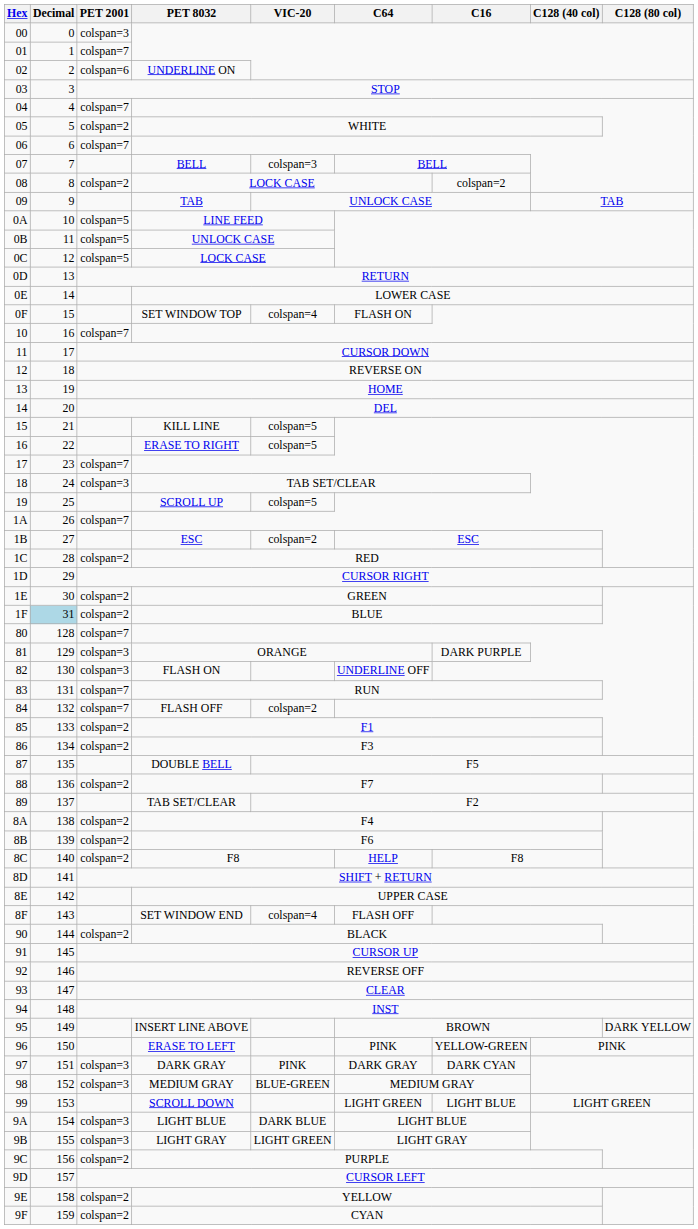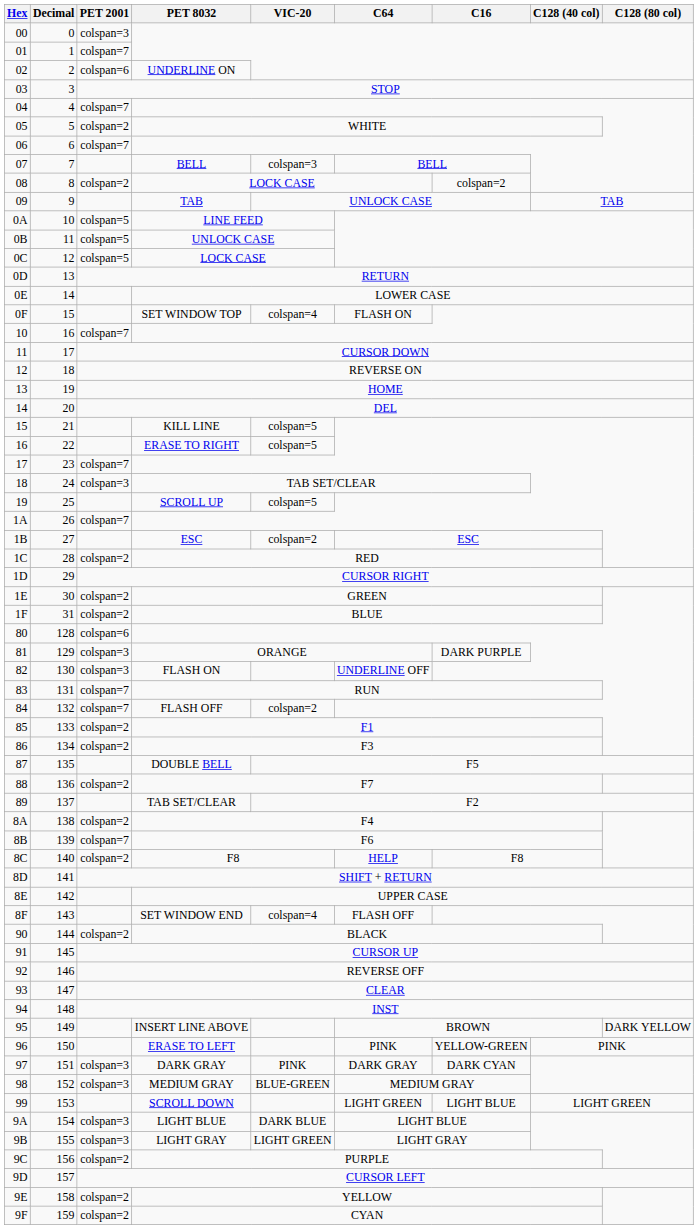 <table class="wikitable" style="text-align: center">
 <tr>
 <th><a href='#'>Hex</a></th>
 <th>Decimal</th>
 <th>PET 2001</th>
 <th>PET 8032</th>
 <th>VIC-20</th>
 <th>C64</th>
 <th>C16</th>
 <th>C128 (40 col)</th>
 <th>C128 (80 col)</th>
 </tr>
 <tr>
 <td style="text-align:right">00</td>
 <td style="text-align:right">0</td>
 <td>colspan=3 </td>
 </tr>
 <tr>
 <td style="text-align:right">01</td>
 <td style="text-align:right">1</td>
 <td>colspan=7 </td>
 </tr>
 <tr>
 <td style="text-align:right">02</td>
 <td style="text-align:right">2</td>
 <td>colspan=6 </td>
 <td><a href='#'>UNDERLINE</a> ON</td>
 </tr>
 <tr>
 <td style="text-align:right">03</td>
 <td style="text-align:right">3</td>
 <td colspan=7><a href='#'>STOP</a></td>
 </tr>
 <tr>
 <td style="text-align:right">04</td>
 <td style="text-align:right">4</td>
 <td>colspan=7 </td>
 </tr>
 <tr>
 <td style="text-align:right">05</td>
 <td style="text-align:right">5</td>
 <td>colspan=2 </td>
 <td colspan=5>WHITE</td>
 </tr>
 <tr>
 <td style="text-align:right">06</td>
 <td style="text-align:right">6</td>
 <td>colspan=7 </td>
 </tr>
 <tr>
 <td style="text-align:right">07</td>
 <td style="text-align:right">7</td>
 <td></td>
 <td><a href='#'>BELL</a></td>
 <td>colspan=3 </td>
 <td colspan=2><a href='#'>BELL</a></td>
 </tr>
 <tr>
 <td style="text-align:right">08</td>
 <td style="text-align:right">8</td>
 <td>colspan=2 </td>
 <td colspan=3><a href='#'>LOCK CASE</a></td>
 <td>colspan=2 </td>
 </tr>
 <tr>
 <td style="text-align:right">09</td>
 <td style="text-align:right">9</td>
 <td></td>
 <td><a href='#'>TAB</a></td>
 <td colspan=3><a href='#'>UNLOCK CASE</a></td>
 <td colspan=2><a href='#'>TAB</a></td>
 </tr>
 <tr>
 <td style="text-align:right">0A</td>
 <td style="text-align:right">10</td>
 <td>colspan=5 </td>
 <td colspan=2><a href='#'>LINE FEED</a></td>
 </tr>
 <tr>
 <td style="text-align:right">0B</td>
 <td style="text-align:right">11</td>
 <td>colspan=5 </td>
 <td colspan=2><a href='#'>UNLOCK CASE</a></td>
 </tr>
 <tr>
 <td style="text-align:right">0C</td>
 <td style="text-align:right">12</td>
 <td>colspan=5 </td>
 <td colspan=2><a href='#'>LOCK CASE</a></td>
 </tr>
 <tr>
 <td style="text-align:right">0D</td>
 <td style="text-align:right">13</td>
 <td colspan=7><a href='#'>RETURN</a></td>
 </tr>
 <tr>
 <td style="text-align:right">0E</td>
 <td style="text-align:right">14</td>
 <td></td>
 <td colspan=6>LOWER CASE</td>
 </tr>
 <tr>
 <td style="text-align:right">0F</td>
 <td style="text-align:right">15</td>
 <td></td>
 <td>SET WINDOW TOP</td>
 <td>colspan=4 </td>
 <td>FLASH ON</td>
 </tr>
 <tr>
 <td style="text-align:right">10</td>
 <td style="text-align:right">16</td>
 <td>colspan=7 </td>
 </tr>
 <tr>
 <td style="text-align:right">11</td>
 <td style="text-align:right">17</td>
 <td colspan=7><a href='#'>CURSOR DOWN</a></td>
 </tr>
 <tr>
 <td style="text-align:right">12</td>
 <td style="text-align:right">18</td>
 <td colspan=7>REVERSE ON</td>
 </tr>
 <tr>
 <td style="text-align:right">13</td>
 <td style="text-align:right">19</td>
 <td colspan=7><a href='#'>HOME</a></td>
 </tr>
 <tr>
 <td style="text-align:right">14</td>
 <td style="text-align:right">20</td>
 <td colspan=7><a href='#'>DEL</a></td>
 </tr>
 <tr>
 <td style="text-align:right">15</td>
 <td style="text-align:right">21</td>
 <td></td>
 <td>KILL LINE</td>
 <td>colspan=5 </td>
 </tr>
 <tr>
 <td style="text-align:right">16</td>
 <td style="text-align:right">22</td>
 <td></td>
 <td><a href='#'>ERASE TO RIGHT</a></td>
 <td>colspan=5 </td>
 </tr>
 <tr>
 <td style="text-align:right">17</td>
 <td style="text-align:right">23</td>
 <td>colspan=7 </td>
 </tr>
 <tr>
 <td style="text-align:right">18</td>
 <td style="text-align:right">24</td>
 <td>colspan=3 </td>
 <td colspan=4>TAB SET/CLEAR</td>
 </tr>
 <tr>
 <td style="text-align:right">19</td>
 <td style="text-align:right">25</td>
 <td></td>
 <td><a href='#'>SCROLL UP</a></td>
 <td>colspan=5 </td>
 </tr>
 <tr>
 <td style="text-align:right">1A</td>
 <td style="text-align:right">26</td>
 <td>colspan=7 </td>
 </tr>
 <tr>
 <td style="text-align:right">1B</td>
 <td style="text-align:right">27</td>
 <td></td>
 <td><a href='#'>ESC</a></td>
 <td>colspan=2 </td>
 <td colspan=3><a href='#'>ESC</a></td>
 </tr>
 <tr>
 <td style="text-align:right">1C</td>
 <td style="text-align:right">28</td>
 <td>colspan=2 </td>
 <td colspan=5>RED</td>
 </tr>
 <tr>
 <td style="text-align:right">1D</td>
 <td style="text-align:right">29</td>
 <td colspan=7><a href='#'>CURSOR RIGHT</a></td>
 </tr>
 <tr>
 <td style="text-align:right">1E</td>
 <td style="text-align:right">30</td>
 <td>colspan=2 </td>
 <td colspan=5>GREEN</td>
 </tr>
 <tr>
 <td style="text-align:right">1F</td>
-<td style="background: lightblue; text-align:right">31</td>
+<td style="text-align:right">31</td>
 <td>colspan=2 </td>
 <td colspan=5>BLUE</td>
 </tr>
 <tr>
 <td style="text-align:right">80</td>
 <td style="text-align:right">128</td>
-<td>colspan=7 </td>
+<td>colspan=6 </td>
 </tr>
 <tr>
 <td style="text-align:right">81</td>
 <td style="text-align:right">129</td>
 <td>colspan=3 </td>
 <td colspan=3>ORANGE</td>
 <td>DARK PURPLE</td>
 </tr>
 <tr>
 <td style="text-align:right">82</td>
 <td style="text-align:right">130</td>
 <td>colspan=3 </td>
 <td>FLASH ON</td>
 <td></td>
 <td><a href='#'>UNDERLINE</a> OFF</td>
 </tr>
 <tr>
 <td style="text-align:right">83</td>
 <td style="text-align:right">131</td>
 <td>colspan=7 </td>
 <td colspan=5>RUN</td>
 </tr>
 <tr>
 <td style="text-align:right">84</td>
 <td style="text-align:right">132</td>
 <td>colspan=7 </td>
 <td>FLASH OFF</td>
 <td>colspan=2 </td>
 </tr>
 <tr>
 <td style="text-align:right">85</td>
 <td style="text-align:right">133</td>
 <td>colspan=2 </td>
 <td colspan=5><a href='#'>F1</a></td>
 </tr>
 <tr>
 <td style="text-align:right">86</td>
 <td style="text-align:right">134</td>
 <td>colspan=2 </td>
 <td colspan=5>F3</td>
 </tr>
 <tr>
 <td style="text-align:right">87</td>
 <td style="text-align:right">135</td>
 <td></td>
 <td>DOUBLE <a href='#'>BELL</a></td>
 <td colspan=5>F5</td>
 </tr>
 <tr>
 <td style="text-align:right">88</td>
 <td style="text-align:right">136</td>
 <td>colspan=2 </td>
 <td colspan=5>F7</td>
 </tr>
 <tr>
 <td style="text-align:right">89</td>
 <td style="text-align:right">137</td>
 <td></td>
 <td>TAB SET/CLEAR</td>
 <td colspan=5>F2</td>
 </tr>
 <tr>
 <td style="text-align:right">8A</td>
 <td style="text-align:right">138</td>
 <td>colspan=2 </td>
 <td colspan=5>F4</td>
 </tr>
 <tr>
 <td style="text-align:right">8B</td>
 <td style="text-align:right">139</td>
-<td>colspan=2 </td>
+<td>colspan=7 </td>
 <td colspan=5>F6</td>
 </tr>
 <tr>
 <td style="text-align:right">8C</td>
 <td style="text-align:right">140</td>
 <td>colspan=2 </td>
 <td colspan=2>F8</td>
 <td><a href='#'>HELP</a></td>
 <td colspan=2>F8</td>
 </tr>
 <tr>
 <td style="text-align:right">8D</td>
 <td style="text-align:right">141</td>
 <td colspan=7><a href='#'>SHIFT</a> + <a href='#'>RETURN</a></td>
 </tr>
 <tr>
 <td style="text-align:right">8E</td>
 <td style="text-align:right">142</td>
 <td></td>
 <td colspan=6>UPPER CASE</td>
 </tr>
 <tr>
 <td style="text-align:right">8F</td>
 <td style="text-align:right">143</td>
 <td></td>
 <td>SET WINDOW END</td>
 <td>colspan=4 </td>
 <td>FLASH OFF</td>
 </tr>
 <tr>
 <td style="text-align:right">90</td>
 <td style="text-align:right">144</td>
 <td>colspan=2 </td>
 <td colspan=5>BLACK</td>
 </tr>
 <tr>
 <td style="text-align:right">91</td>
 <td style="text-align:right">145</td>
 <td colspan=7><a href='#'>CURSOR UP</a></td>
 </tr>
 <tr>
 <td style="text-align:right">92</td>
 <td style="text-align:right">146</td>
 <td colspan=7>REVERSE OFF</td>
 </tr>
 <tr>
 <td style="text-align:right">93</td>
 <td style="text-align:right">147</td>
 <td colspan=7><a href='#'>CLEAR</a></td>
 </tr>
 <tr>
 <td style="text-align:right">94</td>
 <td style="text-align:right">148</td>
 <td colspan=7><a href='#'>INST</a></td>
 </tr>
 <tr>
 <td style="text-align:right">95</td>
 <td style="text-align:right">149</td>
 <td></td>
 <td>INSERT LINE ABOVE</td>
 <td></td>
 <td colspan=3>BROWN</td>
 <td>DARK YELLOW</td>
 </tr>
 <tr>
 <td style="text-align:right">96</td>
 <td style="text-align:right">150</td>
 <td></td>
 <td><a href='#'>ERASE TO LEFT</a></td>
 <td></td>
 <td>PINK</td>
 <td>YELLOW-GREEN</td>
 <td colspan=2>PINK</td>
 </tr>
 <tr>
 <td style="text-align:right">97</td>
 <td style="text-align:right">151</td>
 <td>colspan=3 </td>
 <td>DARK GRAY</td>
 <td>PINK</td>
 <td>DARK GRAY</td>
 <td>DARK CYAN</td>
 </tr>
 <tr>
 <td style="text-align:right">98</td>
 <td style="text-align:right">152</td>
 <td>colspan=3 </td>
 <td>MEDIUM GRAY</td>
 <td>BLUE-GREEN</td>
 <td colspan=2>MEDIUM GRAY</td>
 </tr>
 <tr>
 <td style="text-align:right">99</td>
 <td style="text-align:right">153</td>
 <td></td>
 <td><a href='#'>SCROLL DOWN</a></td>
 <td></td>
 <td>LIGHT GREEN</td>
 <td>LIGHT BLUE</td>
 <td colspan=2>LIGHT GREEN</td>
 </tr>
 <tr>
 <td style="text-align:right">9A</td>
 <td style="text-align:right">154</td>
 <td>colspan=3 </td>
 <td>LIGHT BLUE</td>
 <td>DARK BLUE</td>
 <td colspan=2>LIGHT BLUE</td>
 </tr>
 <tr>
 <td style="text-align:right">9B</td>
 <td style="text-align:right">155</td>
 <td>colspan=3 </td>
 <td>LIGHT GRAY</td>
 <td>LIGHT GREEN</td>
 <td colspan=2>LIGHT GRAY</td>
 </tr>
 <tr>
 <td style="text-align:right">9C</td>
 <td style="text-align:right">156</td>
 <td>colspan=2 </td>
 <td colspan=5>PURPLE</td>
 </tr>
 <tr>
 <td style="text-align:right">9D</td>
 <td style="text-align:right">157</td>
 <td colspan=7><a href='#'>CURSOR LEFT</a></td>
 </tr>
 <tr>
 <td style="text-align:right">9E</td>
 <td style="text-align:right">158</td>
 <td>colspan=2 </td>
 <td colspan=5>YELLOW</td>
 </tr>
 <tr>
 <td style="text-align:right">9F</td>
 <td style="text-align:right">159</td>
 <td>colspan=2 </td>
 <td colspan=5>CYAN</td>
 </tr>
 </table>
